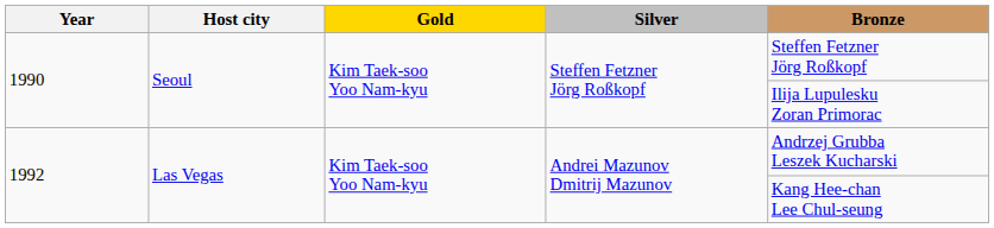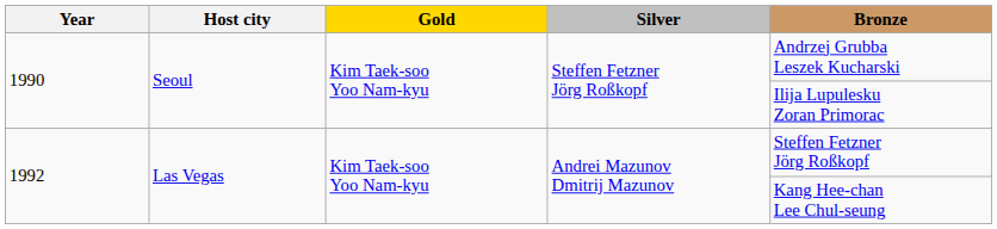 <table class="wikitable" style="text-align: left; width: 900px;">
 <tr>
 <th width="120">Year</th>
 <th width="150">Host city</th>
 <th width="190" style="background-color: gold">Gold</th>
 <th width="190" style="background-color: silver">Silver</th>
 <th width="190" style="background-color: #cc9966">Bronze</th>
 </tr>
 <tr>
 <td rowspan=2>1990</td>
 <td rowspan=2><a href='#'>Seoul</a></td>
 <td rowspan=2> <a href='#'>Kim Taek-soo</a><br> <a href='#'>Yoo Nam-kyu</a></td>
 <td rowspan=2> <a href='#'>Steffen Fetzner</a><br> <a href='#'>Jörg Roßkopf</a></td>
-<td> <a href='#'>Steffen Fetzner</a><br> <a href='#'>Jörg Roßkopf</a></td>
+<td> <a href='#'>Andrzej Grubba</a><br> <a href='#'>Leszek Kucharski</a></td>
 </tr>
 <tr>
 <td> <a href='#'>Ilija Lupulesku</a><br> <a href='#'>Zoran Primorac</a></td>
 </tr>
 <tr>
 <td rowspan=2>1992</td>
 <td rowspan=2><a href='#'>Las Vegas</a></td>
 <td rowspan=2> <a href='#'>Kim Taek-soo</a><br> <a href='#'>Yoo Nam-kyu</a></td>
 <td rowspan=2> <a href='#'>Andrei Mazunov</a><br> <a href='#'>Dmitrij Mazunov</a></td>
-<td> <a href='#'>Andrzej Grubba</a><br> <a href='#'>Leszek Kucharski</a></td>
+<td> <a href='#'>Steffen Fetzner</a><br> <a href='#'>Jörg Roßkopf</a></td>
 </tr>
 <tr>
 <td> <a href='#'>Kang Hee-chan</a><br> <a href='#'>Lee Chul-seung</a></td>
 </tr>
 </table>
